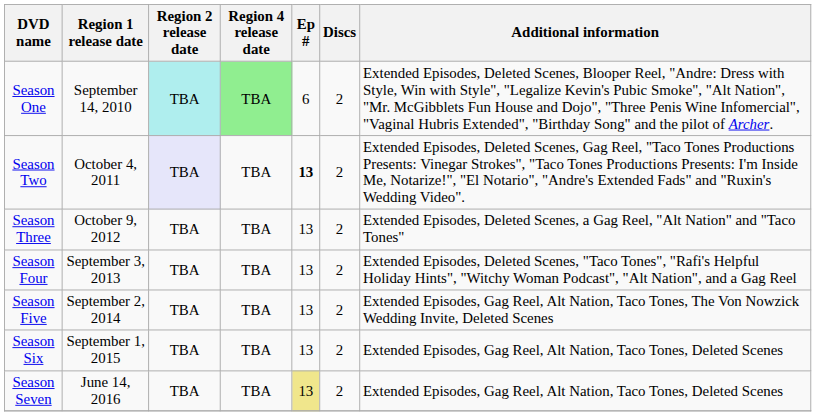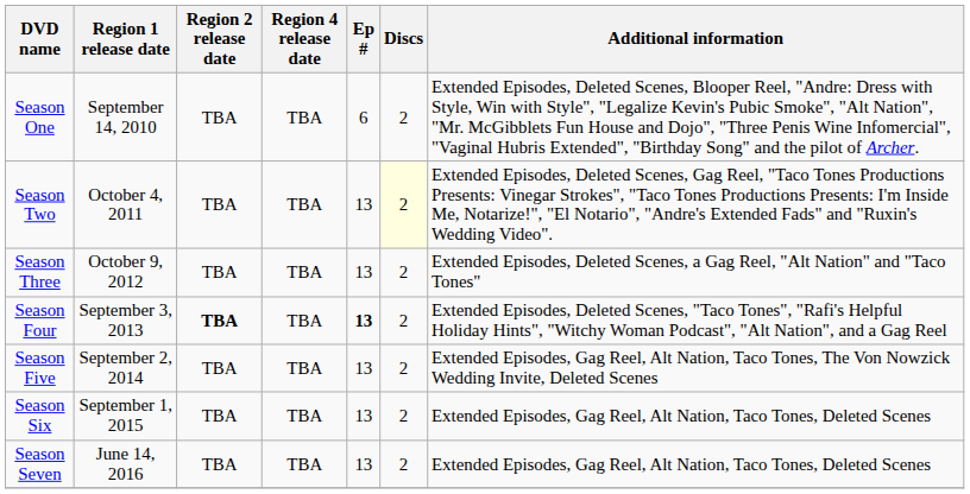 <table class="wikitable">
 <tr>
 <th>DVD name</th>
 <th>Region 1 release date</th>
 <th>Region 2 release date</th>
 <th>Region 4 release date</th>
 <th>Ep #</th>
 <th>Discs</th>
 <th>Additional information</th>
 </tr>
 <tr>
 <td style="text-align:center;"><a href='#'>Season One</a></td>
 <td style="text-align:center;">September 14, 2010</td>
-<td style="background: paleturquoise; text-align:center;">TBA</td>
-<td style="background: lightgreen; text-align:center;">TBA</td>
+<td style="text-align:center;">TBA</td>
+<td style="text-align:center;">TBA</td>
 <td style="text-align:center;">6</td>
 <td style="text-align:center;">2</td>
 <td>Extended Episodes, Deleted Scenes, Blooper Reel, "Andre: Dress with Style, Win with Style", "Legalize Kevin's Pubic Smoke", "Alt Nation", "Mr. McGibblets Fun House and Dojo", "Three Penis Wine Infomercial", "Vaginal Hubris Extended", "Birthday Song" and the pilot of <em><a href='#'>Archer</a></em>.</td>
 </tr>
 <tr>
 <td style="text-align:center;"><a href='#'>Season Two</a></td>
 <td style="text-align:center;">October 4, 2011</td>
-<td style="background: lavender; text-align:center;">TBA</td>
 <td style="text-align:center;">TBA</td>
-<td style="text-align:center;"><strong>13</strong></td>
-<td style="text-align:center;">2</td>
+<td style="text-align:center;">TBA</td>
+<td style="text-align:center;">13</td>
+<td style="background: lightyellow; text-align:center;">2</td>
 <td>Extended Episodes, Deleted Scenes, Gag Reel, "Taco Tones Productions Presents: Vinegar Strokes", "Taco Tones Productions Presents: I'm Inside Me, Notarize!", "El Notario", "Andre's Extended Fads" and "Ruxin's Wedding Video".</td>
 </tr>
 <tr>
 <td style="text-align:center;"><a href='#'>Season Three</a></td>
 <td style="text-align:center;">October 9, 2012</td>
 <td style="text-align:center;">TBA</td>
 <td style="text-align:center;">TBA</td>
 <td style="text-align:center;">13</td>
 <td style="text-align:center;">2</td>
 <td>Extended Episodes, Deleted Scenes, a Gag Reel, "Alt Nation" and "Taco Tones"</td>
 </tr>
 <tr>
 <td style="text-align:center;"><a href='#'>Season Four</a></td>
 <td style="text-align:center;">September 3, 2013</td>
+<td style="text-align:center;"><strong>TBA</strong></td>
 <td style="text-align:center;">TBA</td>
-<td style="text-align:center;">TBA</td>
-<td style="text-align:center;">13</td>
+<td style="text-align:center;"><strong>13</strong></td>
 <td style="text-align:center;">2</td>
 <td>Extended Episodes, Deleted Scenes, "Taco Tones", "Rafi's Helpful Holiday Hints", "Witchy Woman Podcast", "Alt Nation", and a Gag Reel</td>
 </tr>
 <tr>
 <td style="text-align:center;"><a href='#'>Season Five</a></td>
 <td style="text-align:center;">September 2, 2014</td>
 <td style="text-align:center;">TBA</td>
 <td style="text-align:center;">TBA</td>
 <td style="text-align:center;">13</td>
 <td style="text-align:center;">2</td>
 <td>Extended Episodes, Gag Reel, Alt Nation, Taco Tones, The Von Nowzick Wedding Invite, Deleted Scenes</td>
 </tr>
 <tr>
 <td style="text-align:center;"><a href='#'>Season Six</a></td>
 <td style="text-align:center;">September 1, 2015</td>
 <td style="text-align:center;">TBA</td>
 <td style="text-align:center;">TBA</td>
 <td style="text-align:center;">13</td>
 <td style="text-align:center;">2</td>
 <td>Extended Episodes, Gag Reel, Alt Nation, Taco Tones, Deleted Scenes</td>
 </tr>
 <tr>
 <td style="text-align:center;"><a href='#'>Season Seven</a></td>
 <td style="text-align:center;">June 14, 2016</td>
 <td style="text-align:center;">TBA</td>
 <td style="text-align:center;">TBA</td>
-<td style="background: khaki; text-align:center;">13</td>
+<td style="text-align:center;">13</td>
 <td style="text-align:center;">2</td>
 <td>Extended Episodes, Gag Reel, Alt Nation, Taco Tones, Deleted Scenes</td>
 </tr>
 <tr>
 </tr>
 </table>
